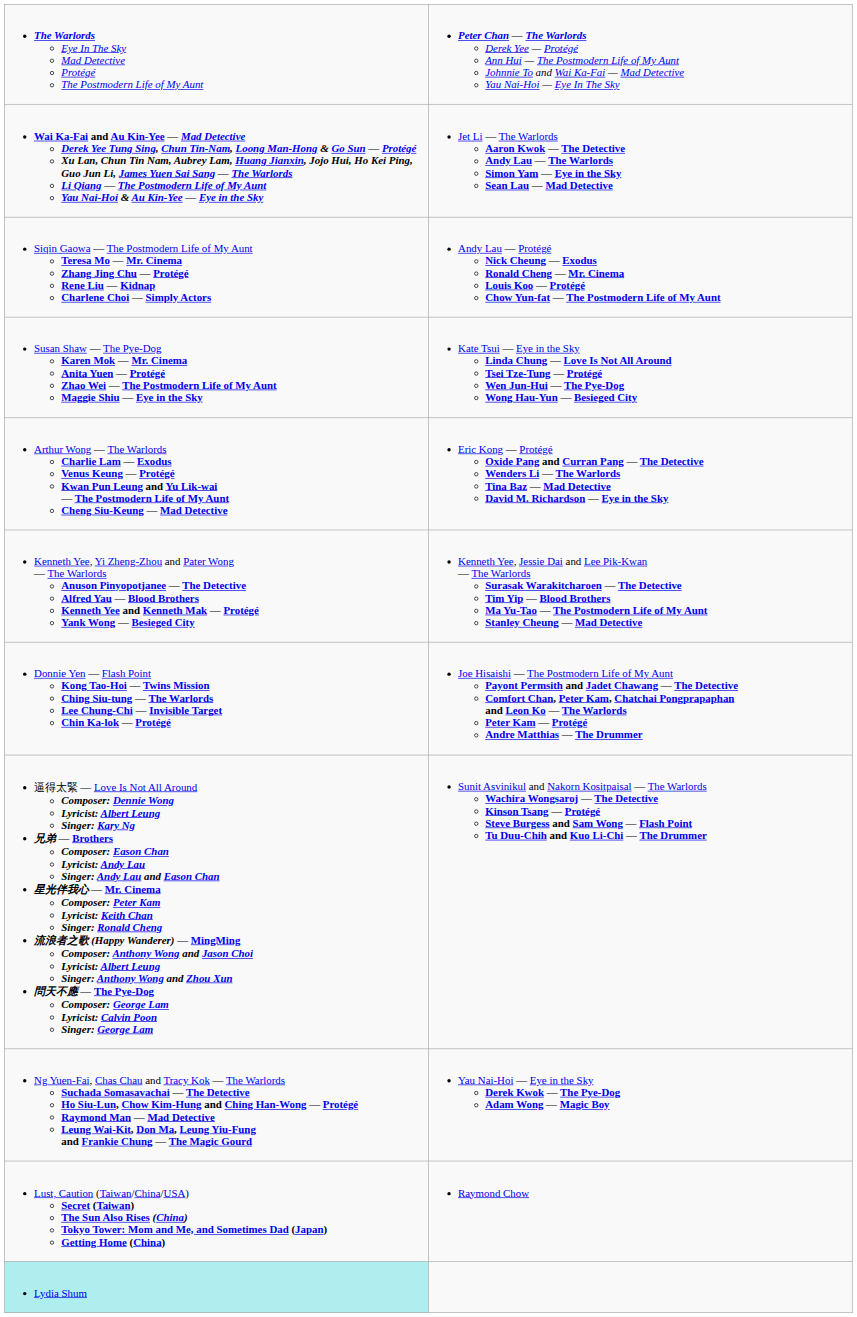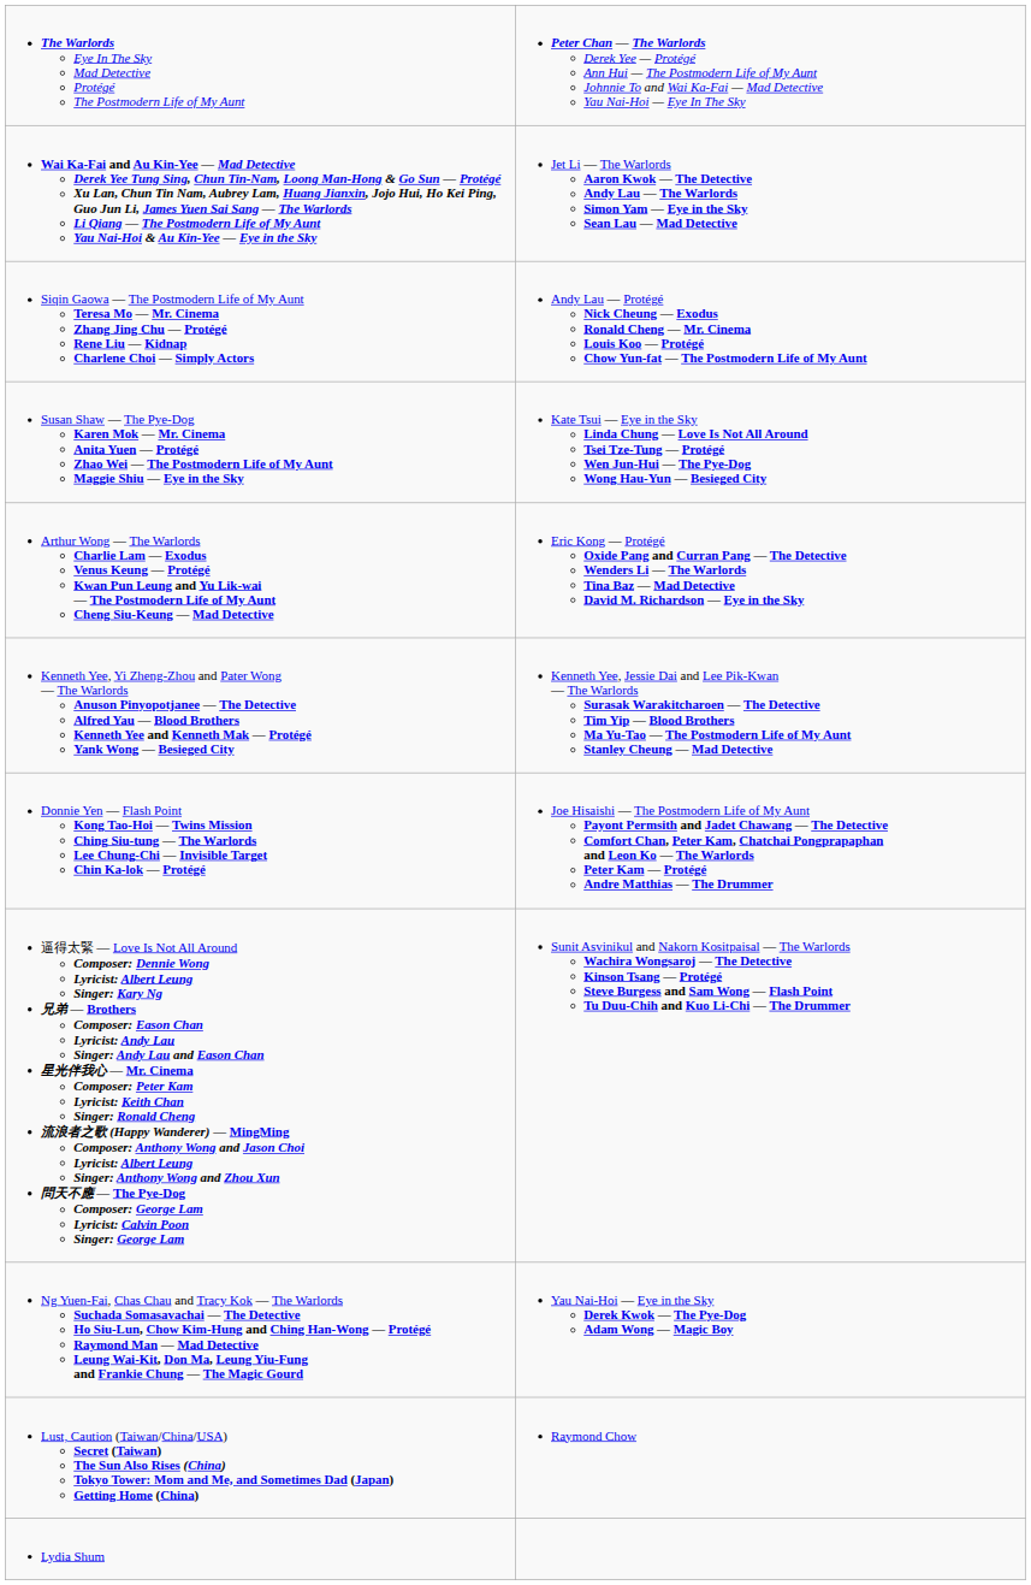 <table class=wikitable>
 <tr>
 <td valign="top" width="50%"><br><ul><li><strong><em><a href='#'>The Warlords</a></em></strong><ul><li><em><a href='#'>Eye In The Sky</a></em></li><li><em><a href='#'>Mad Detective</a></em></li><li><em><a href='#'>Protégé</a></em></li><li><em><a href='#'>The Postmodern Life of My Aunt</a></em></li></ul></li></ul></td>
 <td valign="top" width="50%"><br><ul><li><strong><em><a href='#'>Peter Chan</a> — <a href='#'>The Warlords</a></em></strong><ul><li><em><a href='#'>Derek Yee</a> — <a href='#'>Protégé</a></em></li><li><em><a href='#'>Ann Hui</a> — <a href='#'>The Postmodern Life of My Aunt</a></em></li><li><em><a href='#'>Johnnie To</a> and <a href='#'>Wai Ka-Fai</a> — <a href='#'>Mad Detective</a></em></li><li><em><a href='#'>Yau Nai-Hoi</a> — <a href='#'>Eye In The Sky</a></em></li></ul></li></ul></td>
 </tr>
 <tr>
 <td valign="top" width="50%"><br><ul><li><strong><a href='#'>Wai Ka-Fai</a> and <a href='#'>Au Kin-Yee</a> <em>— <a href='#'>Mad Detective</a><strong><em><ul><li><a href='#'>Derek Yee Tung Sing</a>, <a href='#'>Chun Tin-Nam</a>, <a href='#'>Loong Man-Hong</a> & <a href='#'>Go Sun</a> </em>— <a href='#'>Protégé</a><em></li><li>Xu Lan, Chun Tin Nam, Aubrey Lam, <a href='#'>Huang Jianxin</a>, Jojo Hui, Ho Kei Ping, Guo Jun Li, <a href='#'>James Yuen Sai Sang</a> </em>— <a href='#'>The Warlords</a><em></li><li><a href='#'>Li Qiang</a> </em>— <a href='#'>The Postmodern Life of My Aunt</a><em></li><li><a href='#'>Yau Nai-Hoi</a> & <a href='#'>Au Kin-Yee</a> </em>— <a href='#'>Eye in the Sky</a><em></li></ul></li></ul></td>
 <td valign="top" width="50%"><br><ul><li></em></strong><a href='#'>Jet Li</a> — <a href='#'>The Warlords</a><strong><em><ul><li></em><a href='#'>Aaron Kwok</a> — <a href='#'>The Detective</a><em></li><li></em><a href='#'>Andy Lau</a> — <a href='#'>The Warlords</a><em></li><li></em><a href='#'>Simon Yam</a> — <a href='#'>Eye in the Sky</a><em></li><li></em><a href='#'>Sean Lau</a> — <a href='#'>Mad Detective</a><em></li></ul></li></ul></td>
 </tr>
 <tr>
 <td valign="top" width="50%"><br><ul><li></em></strong><a href='#'>Siqin Gaowa</a> — <a href='#'>The Postmodern Life of My Aunt</a><strong><em><ul><li></em><a href='#'>Teresa Mo</a> — <a href='#'>Mr. Cinema</a><em></li><li></em><a href='#'>Zhang Jing Chu</a> — <a href='#'>Protégé</a><em></li><li></em><a href='#'>Rene Liu</a> — <a href='#'>Kidnap</a><em></li><li></em><a href='#'>Charlene Choi</a> — <a href='#'>Simply Actors</a><em></li></ul></li></ul></td>
 <td valign="top" width="50%"><br><ul><li></em></strong><a href='#'>Andy Lau</a> — <a href='#'>Protégé</a><strong><em><ul><li></em><a href='#'>Nick Cheung</a> — <a href='#'>Exodus</a><em></li><li></em><a href='#'>Ronald Cheng</a> — <a href='#'>Mr. Cinema</a><em></li><li></em><a href='#'>Louis Koo</a> — <a href='#'>Protégé</a><em></li><li></em><a href='#'>Chow Yun-fat</a> — <a href='#'>The Postmodern Life of My Aunt</a><em></li></ul></li></ul></td>
 </tr>
 <tr>
 <td valign="top" width="50%"><br><ul><li></em></strong><a href='#'>Susan Shaw</a> — <a href='#'>The Pye-Dog</a><strong><em><ul><li></em><a href='#'>Karen Mok</a> — <a href='#'>Mr. Cinema</a><em></li><li></em><a href='#'>Anita Yuen</a> — <a href='#'>Protégé</a><em></li><li></em><a href='#'>Zhao Wei</a> — <a href='#'>The Postmodern Life of My Aunt</a><em></li><li></em><a href='#'>Maggie Shiu</a> — <a href='#'>Eye in the Sky</a><em></li></ul></li></ul></td>
 <td valign="top" width="50%"><br><ul><li></em></strong><a href='#'>Kate Tsui</a> — <a href='#'>Eye in the Sky</a><strong><em><ul><li></em><a href='#'>Linda Chung</a> — <a href='#'>Love Is Not All Around</a><em></li><li></em><a href='#'>Tsei Tze-Tung</a> — <a href='#'>Protégé</a><em></li><li></em><a href='#'>Wen Jun-Hui</a> — <a href='#'>The Pye-Dog</a><em></li><li></em><a href='#'>Wong Hau-Yun</a> — <a href='#'>Besieged City</a><em></li></ul></li></ul></td>
 </tr>
 <tr>
 <td valign="top" width="50%"><br><ul><li></em></strong><a href='#'>Arthur Wong</a> — <a href='#'>The Warlords</a><strong><em><ul><li></em><a href='#'>Charlie Lam</a> — <a href='#'>Exodus</a><em></li><li></em><a href='#'>Venus Keung</a> — <a href='#'>Protégé</a><em></li><li></em><a href='#'>Kwan Pun Leung</a> and <a href='#'>Yu Lik-wai</a> <br> — <a href='#'>The Postmodern Life of My Aunt</a><em></li><li></em><a href='#'>Cheng Siu-Keung</a> — <a href='#'>Mad Detective</a><em></li></ul></li></ul></td>
 <td valign="top" width="50%"><br><ul><li></em></strong><a href='#'>Eric Kong</a> — <a href='#'>Protégé</a><strong><em><ul><li></em><a href='#'>Oxide Pang</a> and <a href='#'>Curran Pang</a> — <a href='#'>The Detective</a><em></li><li></em><a href='#'>Wenders Li</a> — <a href='#'>The Warlords</a><em></li><li></em><a href='#'>Tina Baz</a> — <a href='#'>Mad Detective</a><em></li><li></em><a href='#'>David M. Richardson</a> — <a href='#'>Eye in the Sky</a><em></li></ul></li></ul></td>
 </tr>
 <tr>
 <td valign="top" width="50%"><br><ul><li></em></strong><a href='#'>Kenneth Yee</a>, <a href='#'>Yi Zheng-Zhou</a> and <a href='#'>Pater Wong</a> <br> — <a href='#'>The Warlords</a><strong><em><ul><li></em><a href='#'>Anuson Pinyopotjanee</a> — <a href='#'>The Detective</a><em></li><li></em><a href='#'>Alfred Yau</a> — <a href='#'>Blood Brothers</a><em></li><li></em><a href='#'>Kenneth Yee</a> and <a href='#'>Kenneth Mak</a> — <a href='#'>Protégé</a><em></li><li></em><a href='#'>Yank Wong</a> — <a href='#'>Besieged City</a><em></li></ul></li></ul></td>
 <td valign="top" width="50%"><br><ul><li></em></strong><a href='#'>Kenneth Yee</a>, <a href='#'>Jessie Dai</a> and <a href='#'>Lee Pik-Kwan</a> <br> — <a href='#'>The Warlords</a><strong><em><ul><li></em><a href='#'>Surasak Warakitcharoen</a> — <a href='#'>The Detective</a><em></li><li></em><a href='#'>Tim Yip</a> — <a href='#'>Blood Brothers</a><em></li><li></em><a href='#'>Ma Yu-Tao</a> — <a href='#'>The Postmodern Life of My Aunt</a><em></li><li></em><a href='#'>Stanley Cheung</a> — <a href='#'>Mad Detective</a><em></li></ul></li></ul></td>
 </tr>
 <tr>
 <td valign="top" width="50%"><br><ul><li></em></strong><a href='#'>Donnie Yen</a> — <a href='#'>Flash Point</a><strong><em><ul><li></em><a href='#'>Kong Tao-Hoi</a> — <a href='#'>Twins Mission</a><em></li><li></em><a href='#'>Ching Siu-tung</a> — <a href='#'>The Warlords</a><em></li><li></em><a href='#'>Lee Chung-Chi</a> — <a href='#'>Invisible Target</a><em></li><li></em><a href='#'>Chin Ka-lok</a> — <a href='#'>Protégé</a><em></li></ul></li></ul></td>
 <td valign="top" width="50%"><br><ul><li></em></strong><a href='#'>Joe Hisaishi</a> — <a href='#'>The Postmodern Life of My Aunt</a><strong><em><ul><li></em><a href='#'>Payont Permsith</a> and <a href='#'>Jadet Chawang</a> — <a href='#'>The Detective</a><em></li><li></em><a href='#'>Comfort Chan</a>, <a href='#'>Peter Kam</a>, <a href='#'>Chatchai Pongprapaphan</a> <br> and <a href='#'>Leon Ko</a> — <a href='#'>The Warlords</a><em></li><li></em><a href='#'>Peter Kam</a> — <a href='#'>Protégé</a><em></li><li></em><a href='#'>Andre Matthias</a> — <a href='#'>The Drummer</a><em></li></ul></li></ul></td>
 </tr>
 <tr>
 <td valign="top" width="50%"><br><ul><li></em></strong>逼得太緊 —  <a href='#'>Love Is Not All Around</a><strong><em><ul><li>Composer: <a href='#'>Dennie Wong</a></li><li>Lyricist: <a href='#'>Albert Leung</a></li><li>Singer: <a href='#'>Kary Ng</a></li></ul></li><li>兄弟 — </em><a href='#'>Brothers</a><em><ul><li>Composer: <a href='#'>Eason Chan</a></li><li>Lyricist: <a href='#'>Andy Lau</a></li><li>Singer: <a href='#'>Andy Lau</a> and <a href='#'>Eason Chan</a></li></ul></li><li>星光伴我心 — </em><a href='#'>Mr. Cinema</a><em><ul><li>Composer: <a href='#'>Peter Kam</a></li><li>Lyricist: <a href='#'>Keith Chan</a></li><li>Singer: <a href='#'>Ronald Cheng</a></li></ul></li><li>流浪者之歌 (Happy Wanderer) — </em><a href='#'>MingMing</a><em><ul><li>Composer: <a href='#'>Anthony Wong</a> and <a href='#'>Jason Choi</a></li><li>Lyricist: <a href='#'>Albert Leung</a></li><li>Singer: <a href='#'>Anthony Wong</a> and <a href='#'>Zhou Xun</a></li></ul></li><li>問天不應 — </em><a href='#'>The Pye-Dog</a><em><ul><li>Composer: <a href='#'>George Lam</a></li><li>Lyricist: <a href='#'>Calvin Poon</a></li><li>Singer: <a href='#'>George Lam</a></li></ul></li></ul></td>
 <td valign="top" width="50%"><br><ul><li></em></strong><a href='#'>Sunit Asvinikul</a> and <a href='#'>Nakorn Kositpaisal</a> — <a href='#'>The Warlords</a><strong><em><ul><li></em><a href='#'>Wachira Wongsaroj</a> — <a href='#'>The Detective</a><em></li><li></em><a href='#'>Kinson Tsang</a> — <a href='#'>Protégé</a><em></li><li></em><a href='#'>Steve Burgess</a> and <a href='#'>Sam Wong</a> — <a href='#'>Flash Point</a><em></li><li></em><a href='#'>Tu Duu-Chih</a> and <a href='#'>Kuo Li-Chi</a> — <a href='#'>The Drummer</a><em></li></ul></li></ul></td>
 </tr>
 <tr>
 <td valign="top" width="50%"><br><ul><li></em></strong><a href='#'>Ng Yuen-Fai</a>, <a href='#'>Chas Chau</a> and <a href='#'>Tracy Kok</a> — <a href='#'>The Warlords</a><strong><em><ul><li></em><a href='#'>Suchada Somasavachai</a> — <a href='#'>The Detective</a><em></li><li></em><a href='#'>Ho Siu-Lun</a>, <a href='#'>Chow Kim-Hung</a> and <a href='#'>Ching Han-Wong</a> — <a href='#'>Protégé</a><em></li><li></em><a href='#'>Raymond Man</a> — <a href='#'>Mad Detective</a><em></li><li></em><a href='#'>Leung Wai-Kit</a>, <a href='#'>Don Ma</a>, <a href='#'>Leung Yiu-Fung</a> <br> and <a href='#'>Frankie Chung</a> — <a href='#'>The Magic Gourd</a><em></li></ul></li></ul></td>
 <td valign="top" width="50%"><br><ul><li></em></strong><a href='#'>Yau Nai-Hoi</a> — <a href='#'>Eye in the Sky</a><strong><em><ul><li></em><a href='#'>Derek Kwok</a> — <a href='#'>The Pye-Dog</a><em></li><li></em><a href='#'>Adam Wong</a> — <a href='#'>Magic Boy</a><em></li></ul></li></ul></td>
 </tr>
 <tr>
 <td valign="top" width="50%"><br><ul><li></em></strong><a href='#'>Lust, Caution</a> (<a href='#'>Taiwan</a>/<a href='#'>China</a>/<a href='#'>USA</a>)<strong><em><ul><li></em><a href='#'>Secret</a> (<a href='#'>Taiwan</a>)<em></li><li></em><a href='#'>The Sun Also Rises</a><em> (<a href='#'>China</a>)</li><li></em><a href='#'>Tokyo Tower: Mom and Me, and Sometimes Dad</a> (<a href='#'>Japan</a>)<em></li><li></em><a href='#'>Getting Home</a> (<a href='#'>China</a>)<em></li></ul></li></ul></td>
 <td valign="top" width="50%"><br><ul><li></em></strong><a href='#'>Raymond Chow</a><strong><em></li></ul></td>
 </tr>
 <tr>
-<td valign="top" width="50%" style="background: paleturquoise;"><br><ul><li></em></strong><a href='#'>Lydia Shum</a><strong><em></li></ul></td>
+<td valign="top" width="50%"><br><ul><li></em></strong><a href='#'>Lydia Shum</a><strong><em></li></ul></td>
 </tr>
 </table>
